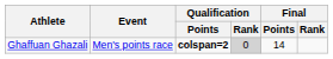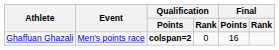 <table class=wikitable style="text-align:center; font-size:90%">
 <tr>
 <th rowspan=2>Athlete</th>
 <th rowspan=2>Event</th>
 <th colspan=2>Qualification</th>
 <th colspan=2>Final</th>
 </tr>
 <tr>
 <th>Points</th>
 <th>Rank</th>
 <th>Points</th>
 <th>Rank</th>
 </tr>
 <tr>
 <td align=left><a href='#'>Ghaffuan Ghazali</a></td>
 <td align=left rowspan=2><a href='#'>Men's points race</a></td>
 <td><strong>colspan=2 </strong></td>
-<td style="background: lightgrey;">0</td>
-<td>14</td>
+<td>0</td>
+<td>16</td>
 </tr>
 </table>
